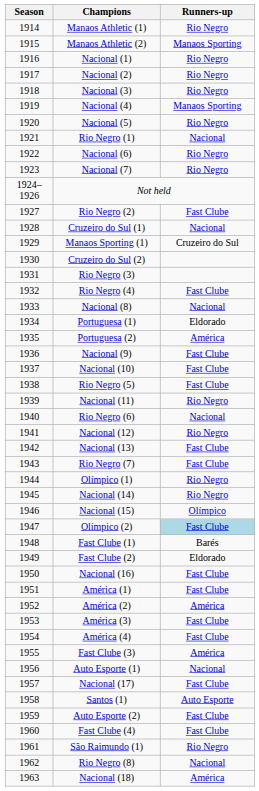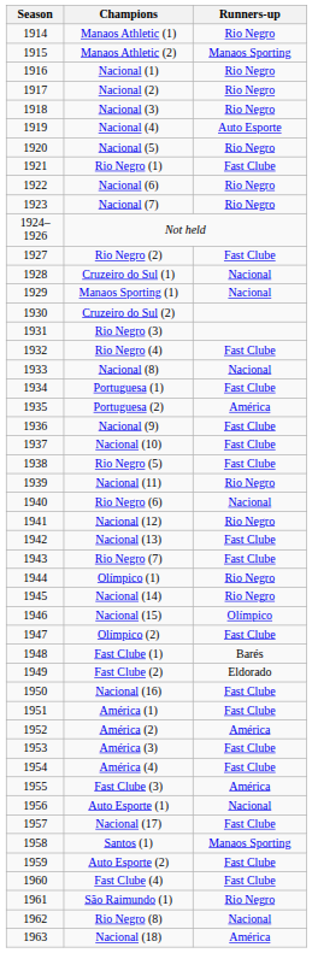 <table class="wikitable" style="text-align:center; margin-left:1em;">
 <tr>
 <th style="width:70px">Season</th>
 <th style="width:165px">Champions</th>
 <th style="width:145px">Runners-up</th>
 </tr>
 <tr>
 <td>1914</td>
 <td><a href='#'>Manaos Athletic</a> (1)</td>
 <td><a href='#'>Rio Negro</a></td>
 </tr>
 <tr>
 <td>1915</td>
 <td><a href='#'>Manaos Athletic</a> (2)</td>
 <td><a href='#'>Manaos Sporting</a></td>
 </tr>
 <tr>
 <td>1916</td>
 <td><a href='#'>Nacional</a> (1)</td>
 <td><a href='#'>Rio Negro</a></td>
 </tr>
 <tr>
 <td>1917</td>
 <td><a href='#'>Nacional</a> (2)</td>
 <td><a href='#'>Rio Negro</a></td>
 </tr>
 <tr>
 <td>1918</td>
 <td><a href='#'>Nacional</a> (3)</td>
 <td><a href='#'>Rio Negro</a></td>
 </tr>
 <tr>
 <td>1919</td>
 <td><a href='#'>Nacional</a> (4)</td>
-<td><a href='#'>Manaos Sporting</a></td>
+<td><a href='#'>Auto Esporte</a></td>
 </tr>
 <tr>
 <td>1920</td>
 <td><a href='#'>Nacional</a> (5)</td>
 <td><a href='#'>Rio Negro</a></td>
 </tr>
 <tr>
 <td>1921</td>
 <td><a href='#'>Rio Negro</a> (1)</td>
-<td><a href='#'>Nacional</a></td>
+<td><a href='#'>Fast Clube</a></td>
 </tr>
 <tr>
 <td>1922</td>
 <td><a href='#'>Nacional</a> (6)</td>
 <td><a href='#'>Rio Negro</a></td>
 </tr>
 <tr>
 <td>1923</td>
 <td><a href='#'>Nacional</a> (7)</td>
 <td><a href='#'>Rio Negro</a></td>
 </tr>
 <tr>
 <td>1924–1926</td>
 <td colspan=2><em>Not held</em></td>
 </tr>
 <tr>
 <td>1927</td>
 <td><a href='#'>Rio Negro</a> (2)</td>
 <td><a href='#'>Fast Clube</a></td>
 </tr>
 <tr>
 <td>1928</td>
 <td><a href='#'>Cruzeiro do Sul</a> (1)</td>
 <td><a href='#'>Nacional</a></td>
 </tr>
 <tr>
 <td>1929</td>
 <td><a href='#'>Manaos Sporting</a> (1)</td>
-<td>Cruzeiro do Sul</td>
+<td><a href='#'>Nacional</a></td>
 </tr>
 <tr>
 <td>1930</td>
 <td><a href='#'>Cruzeiro do Sul</a> (2)</td>
 <td></td>
 </tr>
 <tr>
 <td>1931</td>
 <td><a href='#'>Rio Negro</a> (3)</td>
 <td></td>
 </tr>
 <tr style="text-align:center">
 <td>1932</td>
 <td><a href='#'>Rio Negro</a> (4)</td>
 <td><a href='#'>Fast Clube</a></td>
 </tr>
 <tr>
 <td>1933</td>
 <td><a href='#'>Nacional</a> (8)</td>
 <td><a href='#'>Nacional</a></td>
 </tr>
 <tr>
 <td>1934</td>
 <td><a href='#'>Portuguesa</a> (1)</td>
-<td>Eldorado</td>
+<td><a href='#'>Fast Clube</a></td>
 </tr>
 <tr>
 <td>1935</td>
 <td><a href='#'>Portuguesa</a> (2)</td>
 <td><a href='#'>América</a></td>
 </tr>
 <tr>
 <td>1936</td>
 <td><a href='#'>Nacional</a> (9)</td>
 <td><a href='#'>Fast Clube</a></td>
 </tr>
 <tr>
 <td>1937</td>
 <td><a href='#'>Nacional</a> (10)</td>
 <td><a href='#'>Fast Clube</a></td>
 </tr>
 <tr>
 <td>1938</td>
 <td><a href='#'>Rio Negro</a> (5)</td>
 <td><a href='#'>Fast Clube</a></td>
 </tr>
 <tr>
 <td>1939</td>
 <td><a href='#'>Nacional</a> (11)</td>
 <td><a href='#'>Rio Negro</a></td>
 </tr>
 <tr>
 <td>1940</td>
 <td><a href='#'>Rio Negro</a> (6)</td>
 <td><a href='#'>Nacional</a></td>
 </tr>
 <tr>
 <td>1941</td>
 <td><a href='#'>Nacional</a> (12)</td>
 <td><a href='#'>Rio Negro</a></td>
 </tr>
 <tr>
 <td>1942</td>
 <td><a href='#'>Nacional</a> (13)</td>
 <td><a href='#'>Fast Clube</a></td>
 </tr>
 <tr>
 <td>1943</td>
 <td><a href='#'>Rio Negro</a> (7)</td>
 <td><a href='#'>Fast Clube</a></td>
 </tr>
 <tr>
 <td>1944</td>
 <td><a href='#'>Olímpico</a> (1)</td>
 <td><a href='#'>Rio Negro</a></td>
 </tr>
 <tr>
 <td>1945</td>
 <td><a href='#'>Nacional</a> (14)</td>
 <td><a href='#'>Rio Negro</a></td>
 </tr>
 <tr>
 <td>1946</td>
 <td><a href='#'>Nacional</a> (15)</td>
 <td><a href='#'>Olímpico</a></td>
 </tr>
 <tr>
 <td>1947</td>
 <td><a href='#'>Olímpico</a> (2)</td>
-<td style="background: lightblue;"><a href='#'>Fast Clube</a></td>
+<td><a href='#'>Fast Clube</a></td>
 </tr>
 <tr>
 <td>1948</td>
 <td><a href='#'>Fast Clube</a> (1)</td>
 <td>Barés</td>
 </tr>
 <tr>
 <td>1949</td>
 <td><a href='#'>Fast Clube</a> (2)</td>
 <td>Eldorado</td>
 </tr>
 <tr>
 <td>1950</td>
 <td><a href='#'>Nacional</a> (16)</td>
 <td><a href='#'>Fast Clube</a></td>
 </tr>
 <tr>
 <td>1951</td>
 <td><a href='#'>América</a> (1)</td>
 <td><a href='#'>Fast Clube</a></td>
 </tr>
 <tr>
 <td>1952</td>
 <td><a href='#'>América</a> (2)</td>
 <td><a href='#'>América</a></td>
 </tr>
 <tr>
 <td>1953</td>
 <td><a href='#'>América</a> (3)</td>
 <td><a href='#'>Fast Clube</a></td>
 </tr>
 <tr>
 <td>1954</td>
 <td><a href='#'>América</a> (4)</td>
 <td><a href='#'>Fast Clube</a></td>
 </tr>
 <tr>
 <td>1955</td>
 <td><a href='#'>Fast Clube</a> (3)</td>
 <td><a href='#'>América</a></td>
 </tr>
 <tr>
 <td>1956</td>
 <td><a href='#'>Auto Esporte</a> (1)</td>
 <td><a href='#'>Nacional</a></td>
 </tr>
 <tr>
 <td>1957</td>
 <td><a href='#'>Nacional</a> (17)</td>
 <td><a href='#'>Fast Clube</a></td>
 </tr>
 <tr>
 <td>1958</td>
 <td><a href='#'>Santos</a> (1)</td>
-<td><a href='#'>Auto Esporte</a></td>
+<td><a href='#'>Manaos Sporting</a></td>
 </tr>
 <tr>
 <td>1959</td>
 <td><a href='#'>Auto Esporte</a> (2)</td>
 <td><a href='#'>Fast Clube</a></td>
 </tr>
 <tr>
 <td>1960</td>
 <td><a href='#'>Fast Clube</a> (4)</td>
 <td><a href='#'>Fast Clube</a></td>
 </tr>
 <tr>
 <td>1961</td>
 <td><a href='#'>São Raimundo</a> (1)</td>
 <td><a href='#'>Rio Negro</a></td>
 </tr>
 <tr>
 <td>1962</td>
 <td><a href='#'>Rio Negro</a> (8)</td>
 <td><a href='#'>Nacional</a></td>
 </tr>
 <tr>
 <td>1963</td>
 <td><a href='#'>Nacional</a> (18)</td>
 <td><a href='#'>América</a></td>
 </tr>
 </table>
